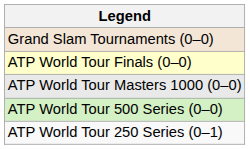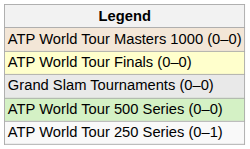 <table class="wikitable sortable">
 <tr>
 <th>Legend</th>
 </tr>
 <tr style="background:#f3e6d7;">
-<td>Grand Slam Tournaments (0–0)</td>
+<td>ATP World Tour Masters 1000 (0–0)</td>
 </tr>
 <tr style="background:#ffffcc;">
 <td>ATP World Tour Finals (0–0)</td>
 </tr>
 <tr style="background:#e9e9e9;">
-<td>ATP World Tour Masters 1000 (0–0)</td>
+<td>Grand Slam Tournaments (0–0)</td>
 </tr>
 <tr style="background:#d4f1c5;">
 <td>ATP World Tour 500 Series (0–0)</td>
 </tr>
 <tr>
 <td>ATP World Tour 250 Series (0–1)</td>
 </tr>
 </table>
